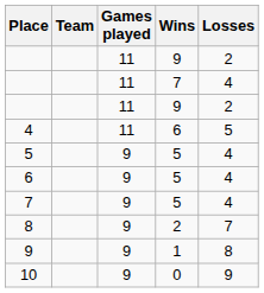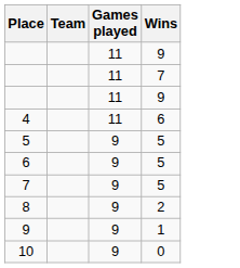 <table class="wikitable" style="text-align:center;">
 <tr>
 <th>Place</th>
 <th>Team</th>
 <th>Games<br>played</th>
 <th>Wins</th>
-<th>Losses</th>
 </tr>
 <tr>
 <td></td>
 <td align=left></td>
 <td>11</td>
 <td>9</td>
-<td>2</td>
 </tr>
 <tr>
 <td></td>
 <td align=left></td>
 <td>11</td>
 <td>7</td>
-<td>4</td>
 </tr>
 <tr>
 <td></td>
 <td align=left></td>
 <td>11</td>
 <td>9</td>
-<td>2</td>
 </tr>
 <tr>
 <td>4</td>
 <td align=left></td>
 <td>11</td>
 <td>6</td>
-<td>5</td>
 </tr>
 <tr>
 <td>5</td>
 <td align=left></td>
 <td>9</td>
 <td>5</td>
-<td>4</td>
 </tr>
 <tr>
 <td>6</td>
 <td align=left></td>
 <td>9</td>
 <td>5</td>
-<td>4</td>
 </tr>
 <tr>
 <td>7</td>
 <td align=left></td>
 <td>9</td>
 <td>5</td>
-<td>4</td>
 </tr>
 <tr>
 <td>8</td>
 <td align=left></td>
 <td>9</td>
 <td>2</td>
-<td>7</td>
 </tr>
 <tr>
 <td>9</td>
 <td align=left></td>
 <td>9</td>
 <td>1</td>
-<td>8</td>
 </tr>
 <tr>
 <td>10</td>
 <td align=left></td>
 <td>9</td>
 <td>0</td>
-<td>9</td>
 </tr>
 </table>
